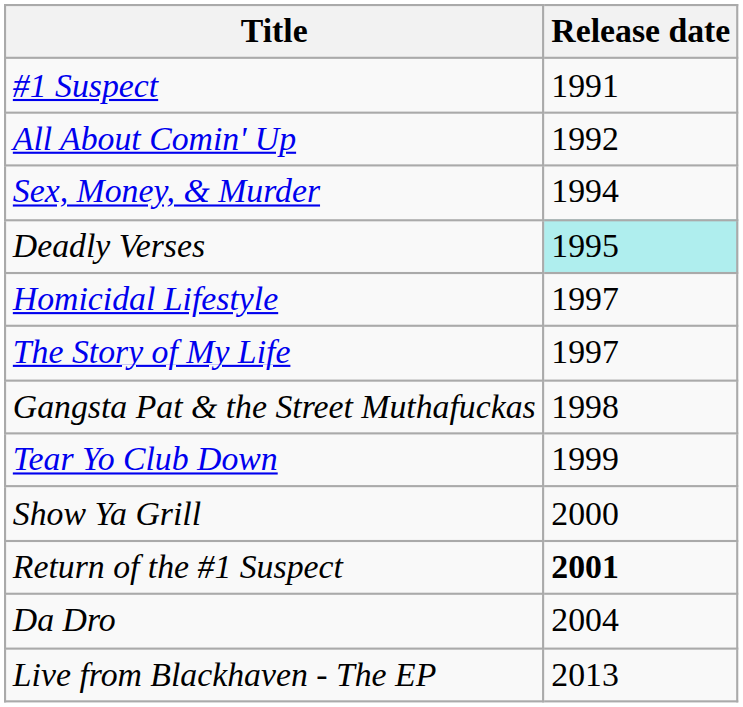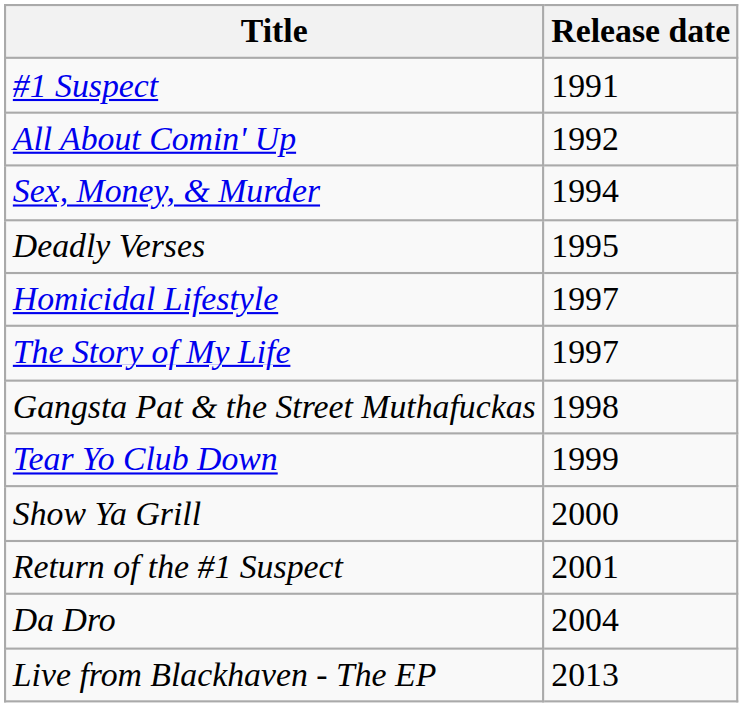 <table class="wikitable">
 <tr>
 <th align="left">Title</th>
 <th align="left">Release date</th>
 </tr>
 <tr>
 <td align="left"><em><a href='#'>#1 Suspect</a></em></td>
 <td align="left">1991</td>
 </tr>
 <tr>
 <td align="left"><em><a href='#'>All About Comin' Up</a></em></td>
 <td align="left">1992</td>
 </tr>
 <tr>
 <td align="left"><em><a href='#'>Sex, Money, & Murder</a></em></td>
 <td align="left">1994</td>
 </tr>
 <tr>
 <td align="left"><em>Deadly Verses</em></td>
-<td align="left" style="background: paleturquoise;">1995</td>
+<td align="left">1995</td>
 </tr>
 <tr>
 <td align="left"><em><a href='#'>Homicidal Lifestyle</a></em></td>
 <td align="left">1997</td>
 </tr>
 <tr>
 <td align="left"><em><a href='#'>The Story of My Life</a></em></td>
 <td align="left">1997</td>
 </tr>
 <tr>
 <td align="left"><em>Gangsta Pat & the Street Muthafuckas</em></td>
 <td align="left">1998</td>
 </tr>
 <tr>
 <td align="left"><em><a href='#'>Tear Yo Club Down</a></em></td>
 <td align="left">1999</td>
 </tr>
 <tr>
 <td align="left"><em>Show Ya Grill</em></td>
 <td align="left">2000</td>
 </tr>
 <tr>
 <td align="left"><em>Return of the #1 Suspect</em></td>
-<td align="left"><strong>2001</strong></td>
+<td align="left">2001</td>
 </tr>
 <tr>
 <td align="left"><em>Da Dro</em></td>
 <td align="left">2004</td>
 </tr>
 <tr>
 <td align="left"><em>Live from Blackhaven - The EP</em></td>
 <td align="left">2013</td>
 </tr>
 </table>
